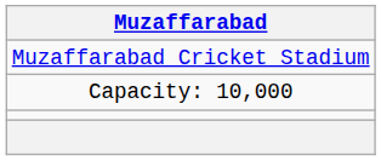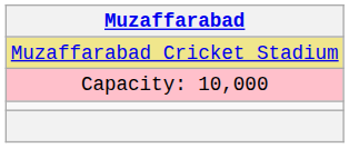 <table class="wikitable" style="text-align:center;margin:1em auto;">
 <tr>
 <th><a href='#'>Muzaffarabad</a></th>
 </tr>
 <tr>
-<td><a href='#'>Muzaffarabad Cricket Stadium</a></td>
+<td style="background: khaki;"><a href='#'>Muzaffarabad Cricket Stadium</a></td>
 </tr>
 <tr>
-<td>Capacity: 10,000</td>
+<td style="background: pink;">Capacity: 10,000</td>
 </tr>
 <tr>
 <td></td>
 </tr>
 <tr>
 <th colspan="4"><br></th>
 </tr>
 </table>
